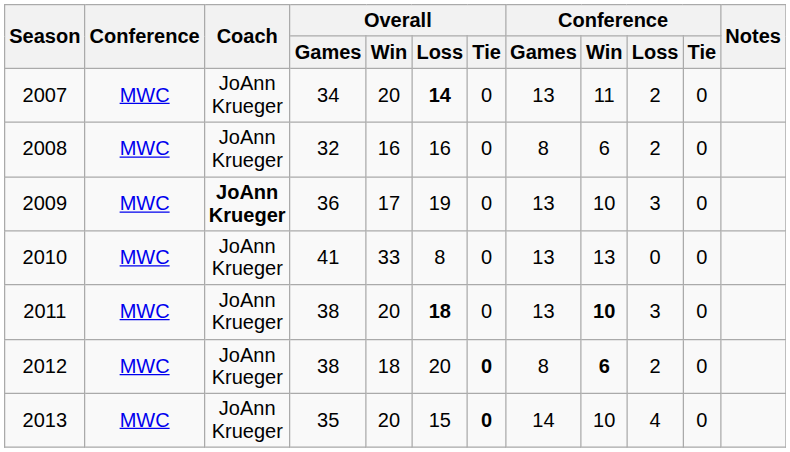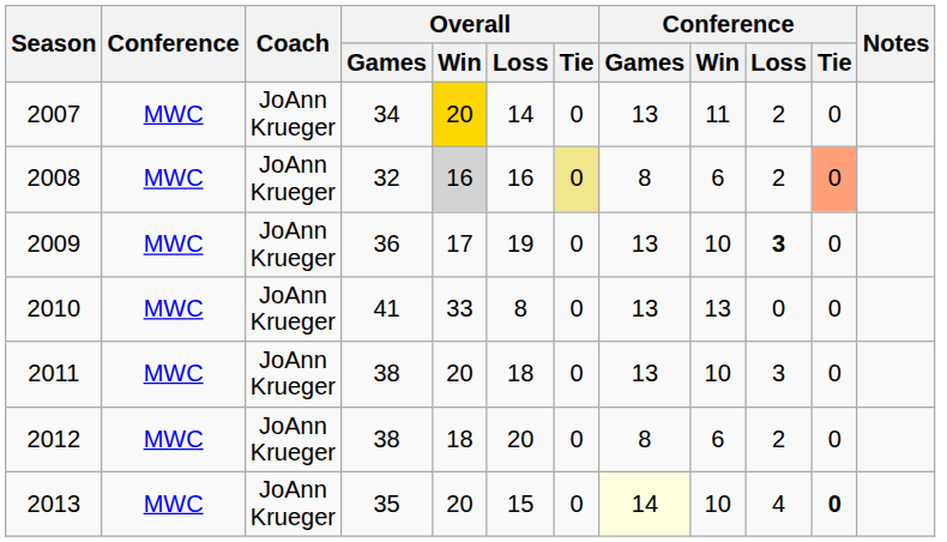 <table class="wikitable" style="text-align: center;">
 <tr>
 <th rowspan=2>Season</th>
 <th rowspan=2>Conference</th>
 <th rowspan=2>Coach</th>
 <th colspan="4">Overall</th>
 <th colspan="4">Conference</th>
 <th rowspan=2>Notes</th>
 </tr>
 <tr>
 <th>Games</th>
 <th>Win</th>
 <th>Loss</th>
 <th>Tie</th>
 <th>Games</th>
 <th>Win</th>
 <th>Loss</th>
 <th>Tie</th>
 </tr>
 <tr>
 <td>2007</td>
 <td><a href='#'>MWC</a></td>
 <td>JoAnn Krueger</td>
 <td>34</td>
-<td>20</td>
-<td><strong>14</strong></td>
+<td style="background: gold;">20</td>
+<td>14</td>
 <td>0</td>
 <td>13</td>
 <td>11</td>
 <td>2</td>
 <td>0</td>
 <td></td>
 </tr>
 <tr>
 <td>2008</td>
 <td><a href='#'>MWC</a></td>
 <td>JoAnn Krueger</td>
 <td>32</td>
+<td style="background: lightgrey;">16</td>
 <td>16</td>
-<td>16</td>
-<td>0</td>
+<td style="background: khaki;">0</td>
 <td>8</td>
 <td>6</td>
 <td>2</td>
-<td>0</td>
+<td style="background: lightsalmon;">0</td>
 <td></td>
 </tr>
 <tr>
 <td>2009</td>
 <td><a href='#'>MWC</a></td>
-<td><strong>JoAnn Krueger</strong></td>
+<td>JoAnn Krueger</td>
 <td>36</td>
 <td>17</td>
 <td>19</td>
 <td>0</td>
 <td>13</td>
 <td>10</td>
-<td>3</td>
+<td><strong>3</strong></td>
 <td>0</td>
 <td></td>
 </tr>
 <tr>
 <td>2010</td>
 <td><a href='#'>MWC</a></td>
 <td>JoAnn Krueger</td>
 <td>41</td>
 <td>33</td>
 <td>8</td>
 <td>0</td>
 <td>13</td>
 <td>13</td>
 <td>0</td>
 <td>0</td>
 <td></td>
 </tr>
 <tr>
 <td>2011</td>
 <td><a href='#'>MWC</a></td>
 <td>JoAnn Krueger</td>
 <td>38</td>
 <td>20</td>
-<td><strong>18</strong></td>
+<td>18</td>
 <td>0</td>
 <td>13</td>
-<td><strong>10</strong></td>
+<td>10</td>
 <td>3</td>
 <td>0</td>
 <td></td>
 </tr>
 <tr>
 <td>2012</td>
 <td><a href='#'>MWC</a></td>
 <td>JoAnn Krueger</td>
 <td>38</td>
 <td>18</td>
 <td>20</td>
-<td><strong>0</strong></td>
+<td>0</td>
 <td>8</td>
-<td><strong>6</strong></td>
+<td>6</td>
 <td>2</td>
 <td>0</td>
 <td></td>
 </tr>
 <tr>
 <td>2013</td>
 <td><a href='#'>MWC</a></td>
 <td>JoAnn Krueger</td>
 <td>35</td>
 <td>20</td>
 <td>15</td>
-<td><strong>0</strong></td>
-<td>14</td>
+<td>0</td>
+<td style="background: lightyellow;">14</td>
 <td>10</td>
 <td>4</td>
-<td>0</td>
+<td><strong>0</strong></td>
 <td></td>
 </tr>
 </table>
